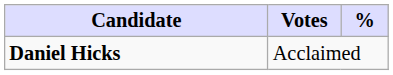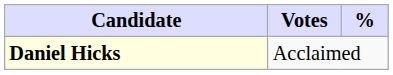 <table class="wikitable">
 <tr>
 <th style="background:#ddf; width:200px;">Candidate</th>
 <th style="background:#ddf; width:50px;">Votes</th>
 <th style="background:#ddf; width:30px;">%</th>
 </tr>
 <tr>
-<td><strong>Daniel Hicks</strong></td>
+<td style="background: lightyellow;"><strong>Daniel Hicks</strong></td>
 <td colspan="2">Acclaimed</td>
 </tr>
 </table>
